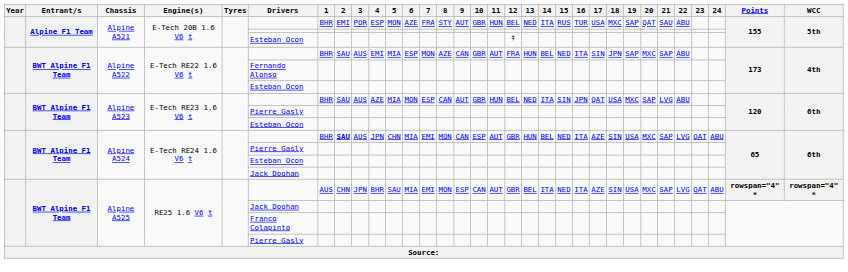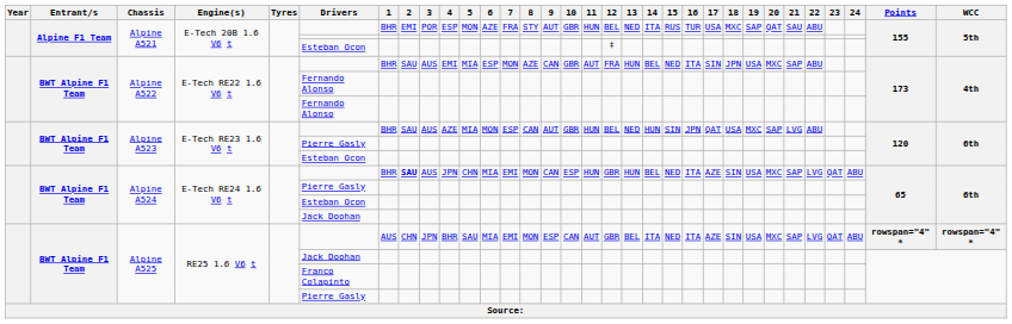 <table class="wikitable" style="text-align:center; font-size:85%">
 <tr>
 <th>Year</th>
 <th>Entrant/s</th>
 <th>Chassis</th>
 <th>Engine(s)</th>
 <th>Tyres</th>
 <th>Drivers</th>
 <th>1</th>
 <th>2</th>
 <th>3</th>
 <th>4</th>
 <th>5</th>
 <th>6</th>
 <th>7</th>
 <th>8</th>
 <th>9</th>
 <th>10</th>
 <th>11</th>
 <th>12</th>
 <th>13</th>
 <th>14</th>
 <th>15</th>
 <th>16</th>
 <th>17</th>
 <th>18</th>
 <th>19</th>
 <th>20</th>
 <th>21</th>
 <th>22</th>
 <th>23</th>
 <th>24</th>
 <th><a href='#'>Points</a></th>
 <th>WCC</th>
 </tr>
 <tr>
 <th rowspan="3"></th>
 <th rowspan="3"><a href='#'>Alpine F1 Team</a></th>
 <td rowspan="3"><a href='#'>Alpine A521</a></td>
 <td rowspan="3">E-Tech 20B 1.6 <a href='#'>V6</a> <a href='#'>t</a></td>
 <td rowspan="3"></td>
 <td></td>
 <td><a href='#'>BHR</a></td>
 <td><a href='#'>EMI</a></td>
 <td><a href='#'>POR</a></td>
 <td><a href='#'>ESP</a></td>
 <td><a href='#'>MON</a></td>
 <td><a href='#'>AZE</a></td>
 <td><a href='#'>FRA</a></td>
 <td><a href='#'>STY</a></td>
 <td><a href='#'>AUT</a></td>
 <td><a href='#'>GBR</a></td>
 <td><a href='#'>HUN</a></td>
 <td><a href='#'>BEL</a></td>
 <td><a href='#'>NED</a></td>
 <td><a href='#'>ITA</a></td>
 <td><a href='#'>RUS</a></td>
 <td><a href='#'>TUR</a></td>
 <td><a href='#'>USA</a></td>
 <td><a href='#'>MXC</a></td>
 <td><a href='#'>SAP</a></td>
 <td><a href='#'>QAT</a></td>
 <td><a href='#'>SAU</a></td>
 <td><a href='#'>ABU</a></td>
 <td></td>
 <td></td>
 <th rowspan="3">155</th>
 <th rowspan="3">5th</th>
 </tr>
 <tr>
 <td align="left"></td>
 <td></td>
 <td></td>
 <td></td>
 <td></td>
 <td></td>
 <td></td>
 <td></td>
 <td></td>
 <td></td>
 <td></td>
 <td></td>
 <td></td>
 <td></td>
 <td></td>
 <td></td>
 <td></td>
 <td></td>
 <td></td>
 <td></td>
 <td></td>
 <td></td>
 <td></td>
 <td></td>
 <td></td>
 </tr>
 <tr>
 <td align="left"> <a href='#'>Esteban Ocon</a></td>
 <td></td>
 <td></td>
 <td></td>
 <td></td>
 <td></td>
 <td></td>
 <td></td>
 <td></td>
 <td></td>
 <td></td>
 <td></td>
 <td><sup>‡</sup></td>
 <td></td>
 <td></td>
 <td></td>
 <td></td>
 <td></td>
 <td></td>
 <td></td>
 <td></td>
 <td></td>
 <td></td>
 <td></td>
 <td></td>
 </tr>
 <tr>
 <th rowspan="3"></th>
 <th rowspan="3"><a href='#'>BWT Alpine F1 Team</a></th>
 <td rowspan="3"><a href='#'>Alpine A522</a></td>
 <td rowspan="3">E-Tech RE22 1.6 <a href='#'>V6</a> <a href='#'>t</a></td>
 <td rowspan="3"></td>
 <td></td>
 <td><a href='#'>BHR</a></td>
 <td><a href='#'>SAU</a></td>
 <td><a href='#'>AUS</a></td>
 <td><a href='#'>EMI</a></td>
 <td><a href='#'>MIA</a></td>
 <td><a href='#'>ESP</a></td>
 <td><a href='#'>MON</a></td>
 <td><a href='#'>AZE</a></td>
 <td><a href='#'>CAN</a></td>
 <td><a href='#'>GBR</a></td>
 <td><a href='#'>AUT</a></td>
 <td><a href='#'>FRA</a></td>
 <td><a href='#'>HUN</a></td>
 <td><a href='#'>BEL</a></td>
 <td><a href='#'>NED</a></td>
 <td><a href='#'>ITA</a></td>
 <td><a href='#'>SIN</a></td>
 <td><a href='#'>JPN</a></td>
-<td><a href='#'>SAP</a></td>
+<td><a href='#'>USA</a></td>
 <td><a href='#'>MXC</a></td>
 <td><a href='#'>SAP</a></td>
 <td><a href='#'>ABU</a></td>
 <td></td>
 <td></td>
 <th rowspan="3">173</th>
 <th rowspan="3">4th</th>
 </tr>
 <tr>
 <td align="left"> <a href='#'>Fernando Alonso</a></td>
 <td></td>
 <td></td>
 <td></td>
 <td></td>
 <td></td>
 <td></td>
 <td></td>
 <td></td>
 <td></td>
 <td></td>
 <td></td>
 <td></td>
 <td></td>
 <td></td>
 <td></td>
 <td></td>
 <td></td>
 <td></td>
 <td></td>
 <td></td>
 <td></td>
 <td></td>
 <td></td>
 <td></td>
 </tr>
 <tr>
-<td nowrap align="left"> <a href='#'>Esteban Ocon</a></td>
+<td align="left"> <a href='#'>Fernando Alonso</a></td>
 <td></td>
 <td></td>
 <td></td>
 <td></td>
 <td></td>
 <td></td>
 <td></td>
 <td></td>
 <td></td>
 <td></td>
 <td></td>
 <td></td>
 <td></td>
 <td></td>
 <td></td>
 <td></td>
 <td></td>
 <td></td>
 <td></td>
 <td></td>
 <td></td>
 <td></td>
 <td></td>
 <td></td>
 </tr>
 <tr>
 <th rowspan="3"></th>
 <th rowspan="3"><a href='#'>BWT Alpine F1 Team</a></th>
 <td rowspan="3"><a href='#'>Alpine A523</a></td>
 <td rowspan="3">E-Tech RE23 1.6 <a href='#'>V6</a> <a href='#'>t</a></td>
 <td rowspan="3"></td>
 <td></td>
 <td><a href='#'>BHR</a></td>
 <td><a href='#'>SAU</a></td>
 <td><a href='#'>AUS</a></td>
 <td><a href='#'>AZE</a></td>
 <td><a href='#'>MIA</a></td>
 <td><a href='#'>MON</a></td>
 <td><a href='#'>ESP</a></td>
 <td><a href='#'>CAN</a></td>
 <td><a href='#'>AUT</a></td>
 <td><a href='#'>GBR</a></td>
 <td><a href='#'>HUN</a></td>
 <td><a href='#'>BEL</a></td>
 <td><a href='#'>NED</a></td>
-<td><a href='#'>ITA</a></td>
+<td><a href='#'>HUN</a></td>
 <td><a href='#'>SIN</a></td>
 <td><a href='#'>JPN</a></td>
 <td><a href='#'>QAT</a></td>
 <td><a href='#'>USA</a></td>
 <td><a href='#'>MXC</a></td>
 <td><a href='#'>SAP</a></td>
 <td><a href='#'>LVG</a></td>
 <td><a href='#'>ABU</a></td>
 <td></td>
 <td></td>
 <th rowspan="3">120</th>
 <th rowspan="3">6th</th>
 </tr>
 <tr>
 <td align="left"> <a href='#'>Pierre Gasly</a></td>
 <td></td>
 <td></td>
 <td></td>
 <td></td>
 <td></td>
 <td></td>
 <td></td>
 <td></td>
 <td></td>
 <td></td>
 <td></td>
 <td></td>
 <td></td>
 <td></td>
 <td></td>
 <td></td>
 <td></td>
 <td></td>
 <td></td>
 <td></td>
 <td></td>
 <td></td>
 <td></td>
 <td></td>
 </tr>
 <tr>
 <td align=left> <a href='#'>Esteban Ocon</a></td>
 <td></td>
 <td></td>
 <td></td>
 <td></td>
 <td></td>
 <td></td>
 <td></td>
 <td></td>
 <td></td>
 <td></td>
 <td></td>
 <td></td>
 <td></td>
 <td></td>
 <td></td>
 <td></td>
 <td></td>
 <td></td>
 <td></td>
 <td></td>
 <td></td>
 <td></td>
 <td></td>
 <td></td>
 </tr>
 <tr>
 <th rowspan="4"></th>
 <th rowspan="4"><a href='#'>BWT Alpine F1 Team</a></th>
 <td rowspan="4"><a href='#'>Alpine A524</a></td>
 <td rowspan="4">E-Tech RE24 1.6 <a href='#'>V6</a> <a href='#'>t</a></td>
 <td rowspan="4"></td>
 <td></td>
 <td><a href='#'>BHR</a></td>
 <td><strong><a href='#'>SAU</a></strong></td>
 <td><a href='#'>AUS</a></td>
 <td><a href='#'>JPN</a></td>
 <td><a href='#'>CHN</a></td>
 <td><a href='#'>MIA</a></td>
 <td><a href='#'>EMI</a></td>
 <td><a href='#'>MON</a></td>
 <td><a href='#'>CAN</a></td>
 <td><a href='#'>ESP</a></td>
-<td><a href='#'>AUT</a></td>
+<td><a href='#'>HUN</a></td>
 <td><a href='#'>GBR</a></td>
 <td><a href='#'>HUN</a></td>
 <td><a href='#'>BEL</a></td>
 <td><a href='#'>NED</a></td>
 <td><a href='#'>ITA</a></td>
 <td><a href='#'>AZE</a></td>
 <td><a href='#'>SIN</a></td>
 <td><a href='#'>USA</a></td>
 <td><a href='#'>MXC</a></td>
 <td><a href='#'>SAP</a></td>
 <td><a href='#'>LVG</a></td>
 <td><a href='#'>QAT</a></td>
 <td><a href='#'>ABU</a></td>
 <th rowspan="4">65</th>
 <th rowspan="4">6th</th>
 </tr>
 <tr>
 <td align="left"> <a href='#'>Pierre Gasly</a></td>
 <td></td>
 <td></td>
 <td></td>
 <td></td>
 <td></td>
 <td></td>
 <td></td>
 <td></td>
 <td></td>
 <td></td>
 <td></td>
 <td></td>
 <td></td>
 <td></td>
 <td></td>
 <td></td>
 <td></td>
 <td></td>
 <td></td>
 <td></td>
 <td></td>
 <td></td>
 <td></td>
 <td></td>
 </tr>
 <tr>
 <td align=left> <a href='#'>Esteban Ocon</a></td>
 <td></td>
 <td></td>
 <td></td>
 <td></td>
 <td></td>
 <td></td>
 <td></td>
 <td></td>
 <td></td>
 <td></td>
 <td></td>
 <td></td>
 <td></td>
 <td></td>
 <td></td>
 <td></td>
 <td></td>
 <td></td>
 <td></td>
 <td></td>
 <td></td>
 <td></td>
 <td></td>
 <td></td>
 </tr>
 <tr>
 <td align=left> <a href='#'>Jack Doohan</a></td>
 <td></td>
 <td></td>
 <td></td>
 <td></td>
 <td></td>
 <td></td>
 <td></td>
 <td></td>
 <td></td>
 <td></td>
 <td></td>
 <td></td>
 <td></td>
 <td></td>
 <td></td>
 <td></td>
 <td></td>
 <td></td>
 <td></td>
 <td></td>
 <td></td>
 <td></td>
 <td></td>
 <td></td>
 </tr>
 <tr>
 <th rowspan="4"></th>
 <th rowspan="4"><a href='#'>BWT Alpine F1 Team</a></th>
 <td rowspan="4"><a href='#'>Alpine A525</a></td>
 <td rowspan="4"> RE25 1.6 <a href='#'>V6</a> <a href='#'>t</a></td>
 <td rowspan="4"></td>
 <td></td>
 <td><a href='#'>AUS</a></td>
 <td><a href='#'>CHN</a></td>
 <td><a href='#'>JPN</a></td>
 <td><a href='#'>BHR</a></td>
 <td><a href='#'>SAU</a></td>
 <td><a href='#'>MIA</a></td>
 <td><a href='#'>EMI</a></td>
 <td><a href='#'>MON</a></td>
 <td><a href='#'>ESP</a></td>
 <td><a href='#'>CAN</a></td>
 <td><a href='#'>AUT</a></td>
 <td><a href='#'>GBR</a></td>
 <td><a href='#'>BEL</a></td>
 <td><a href='#'>ITA</a></td>
 <td><a href='#'>NED</a></td>
 <td><a href='#'>ITA</a></td>
 <td><a href='#'>AZE</a></td>
 <td><a href='#'>SIN</a></td>
 <td><a href='#'>USA</a></td>
 <td><a href='#'>MXC</a></td>
 <td><a href='#'>SAP</a></td>
 <td><a href='#'>LVG</a></td>
 <td><a href='#'>QAT</a></td>
 <td><a href='#'>ABU</a></td>
 <th>rowspan="4" *</th>
 <th>rowspan="4" *</th>
 </tr>
 <tr>
 <td align=left> <a href='#'>Jack Doohan</a></td>
 <td></td>
 <td></td>
 <td></td>
 <td></td>
 <td></td>
 <td></td>
 <td></td>
 <td></td>
 <td></td>
 <td></td>
 <td></td>
 <td></td>
 <td></td>
 <td></td>
 <td></td>
 <td></td>
 <td></td>
 <td></td>
 <td></td>
 <td></td>
 <td></td>
 <td></td>
 <td></td>
 <td></td>
 </tr>
 <tr>
 <td align=left> <a href='#'>Franco Colapinto</a></td>
 <td></td>
 <td></td>
 <td></td>
 <td></td>
 <td></td>
 <td></td>
 <td></td>
 <td></td>
 <td></td>
 <td></td>
 <td></td>
 <td></td>
 <td></td>
 <td></td>
 <td></td>
 <td></td>
 <td></td>
 <td></td>
 <td></td>
 <td></td>
 <td></td>
 <td></td>
 <td></td>
 <td></td>
 </tr>
 <tr>
 <td align=left> <a href='#'>Pierre Gasly</a></td>
 <td></td>
 <td></td>
 <td></td>
 <td></td>
 <td></td>
 <td></td>
 <td></td>
 <td></td>
 <td></td>
 <td></td>
 <td></td>
 <td></td>
 <td></td>
 <td></td>
 <td></td>
 <td></td>
 <td></td>
 <td></td>
 <td></td>
 <td></td>
 <td></td>
 <td></td>
 <td></td>
 <td></td>
 </tr>
 <tr>
 <th colspan="32">Source:</th>
 </tr>
 </table>
